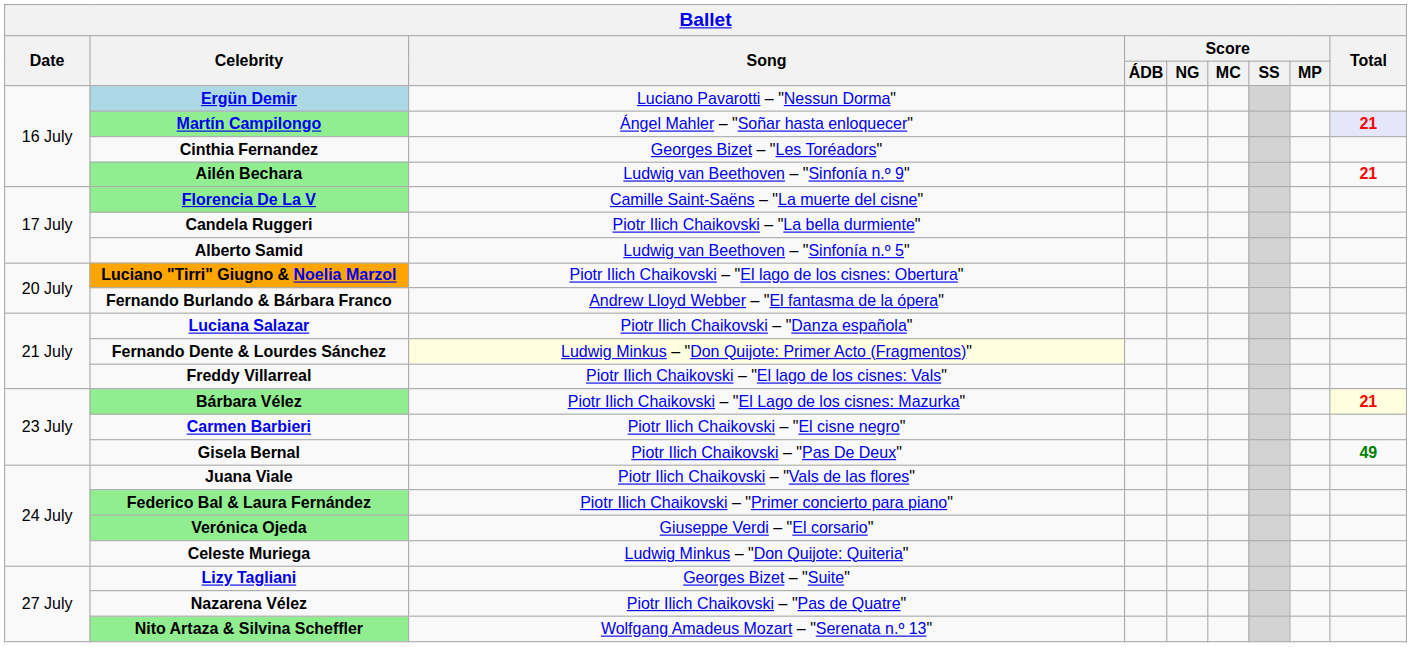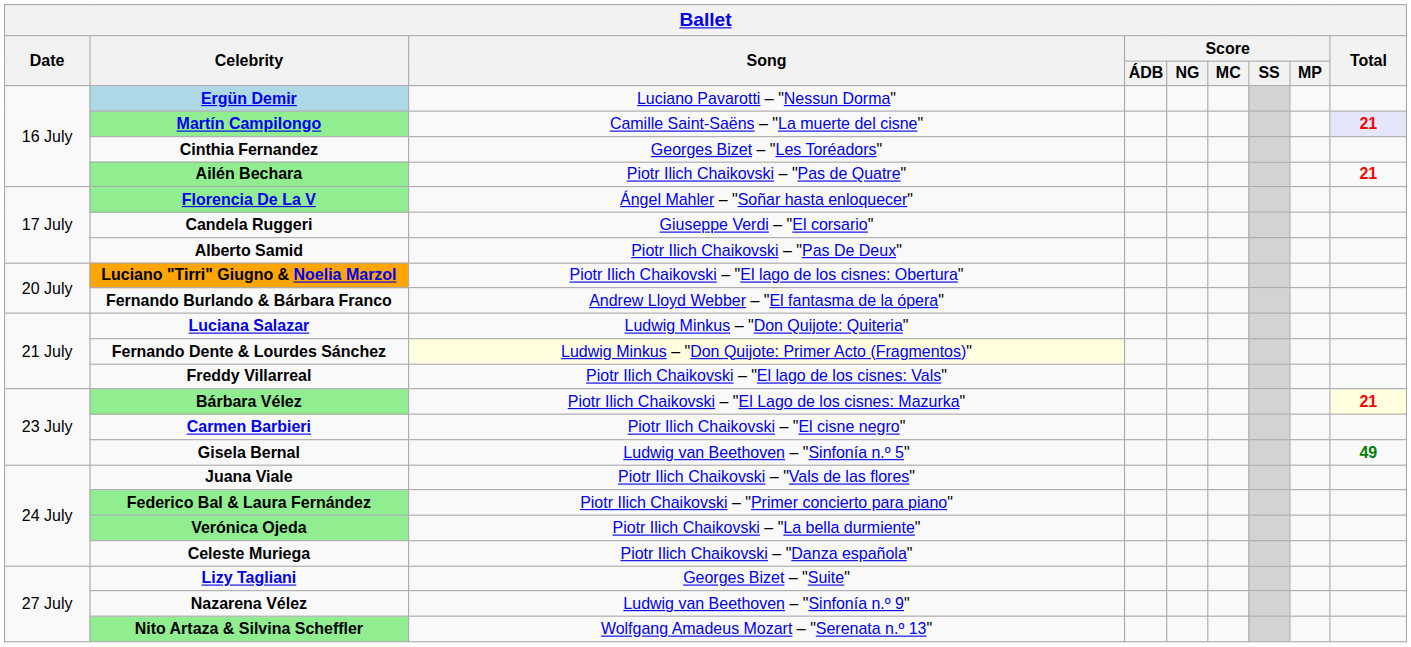 <table class="wikitable collapsible collapsed" style="font-size:90%; text-align: center; width: 100%;">
 <tr>
 <th colspan="11" style="with: 95%;" align=center><big><a href='#'>Ballet</a></big></th>
 </tr>
 <tr>
 <th width=70 rowspan="2">Date</th>
 <th width=280 rowspan="2">Celebrity</th>
 <th rowspan="2">Song</th>
 <th colspan="5">Score</th>
 <th rowspan="2">Total</th>
 </tr>
 <tr>
 <th width=30>ÁDB</th>
 <th width=30>NG</th>
 <th width=30>MC</th>
 <th width=30>SS</th>
 <th width=30>MP</th>
 </tr>
 <tr>
 <td rowspan=4>16 July</td>
 <td style="background:lightblue;"><strong><a href='#'>Ergün Demir</a></strong></td>
 <td><a href='#'>Luciano Pavarotti</a> – "<a href='#'>Nessun Dorma</a>"</td>
 <td></td>
 <td></td>
 <td></td>
 <td bgcolor="lightgray"></td>
 <td></td>
 <td></td>
 </tr>
 <tr>
 <td style="background:lightgreen;"><strong><a href='#'>Martín Campilongo</a></strong></td>
-<td><a href='#'>Ángel Mahler</a> – "<a href='#'>Soñar hasta enloquecer</a>"</td>
+<td><a href='#'>Camille Saint-Saëns</a> – "<a href='#'>La muerte del cisne</a>"</td>
 <td></td>
 <td></td>
 <td></td>
 <td bgcolor="lightgray"></td>
 <td></td>
 <td style="background: lavender; text-align:center; color:red;"><strong>21</strong></td>
 </tr>
 <tr>
 <td><strong>Cinthia Fernandez</strong></td>
 <td><a href='#'>Georges Bizet</a> – "<a href='#'>Les Toréadors</a>"</td>
 <td></td>
 <td></td>
 <td></td>
 <td bgcolor="lightgray"></td>
 <td></td>
 <td></td>
 </tr>
 <tr>
 <td style="background:lightgreen;"><strong>Ailén Bechara</strong></td>
-<td><a href='#'>Ludwig van Beethoven</a> – "<a href='#'>Sinfonía n.º 9</a>"</td>
+<td><a href='#'>Piotr Ilich Chaikovski</a> – "<a href='#'>Pas de Quatre</a>"</td>
 <td></td>
 <td></td>
 <td></td>
 <td bgcolor="lightgray"></td>
 <td></td>
 <td style="text-align:center; color:red;"><strong>21</strong></td>
 </tr>
 <tr>
 <td rowspan=3>17 July</td>
 <td style="background:lightgreen;"><strong><a href='#'>Florencia De La V</a></strong></td>
-<td><a href='#'>Camille Saint-Saëns</a> – "<a href='#'>La muerte del cisne</a>"</td>
+<td><a href='#'>Ángel Mahler</a> – "<a href='#'>Soñar hasta enloquecer</a>"</td>
 <td></td>
 <td></td>
 <td></td>
 <td bgcolor="lightgray"></td>
 <td></td>
 <td></td>
 </tr>
 <tr>
 <td><strong>Candela Ruggeri</strong></td>
-<td><a href='#'>Piotr Ilich Chaikovski</a> – "<a href='#'>La bella durmiente</a>"</td>
+<td><a href='#'>Giuseppe Verdi</a> – "<a href='#'>El corsario</a>"</td>
 <td></td>
 <td></td>
 <td></td>
 <td bgcolor="lightgray"></td>
 <td></td>
 <td></td>
 </tr>
 <tr>
 <td><strong>Alberto Samid</strong></td>
-<td><a href='#'>Ludwig van Beethoven</a> – "<a href='#'>Sinfonía n.º 5</a>"</td>
+<td><a href='#'>Piotr Ilich Chaikovski</a> – "<a href='#'>Pas De Deux</a>"</td>
 <td></td>
 <td></td>
 <td></td>
 <td bgcolor="lightgray"></td>
 <td></td>
 <td></td>
 </tr>
 <tr>
 <td rowspan=2>20 July</td>
 <td style="background:Orange;"><strong>Luciano "Tirri" Giugno & <a href='#'>Noelia Marzol</a></strong></td>
 <td><a href='#'>Piotr Ilich Chaikovski</a> – "<a href='#'>El lago de los cisnes: Obertura</a>"</td>
 <td></td>
 <td></td>
 <td></td>
 <td bgcolor="lightgray"></td>
 <td></td>
 <td></td>
 </tr>
 <tr>
 <td><strong>Fernando Burlando & Bárbara Franco</strong></td>
 <td><a href='#'>Andrew Lloyd Webber</a> – "<a href='#'>El fantasma de la ópera</a>"</td>
 <td></td>
 <td></td>
 <td></td>
 <td bgcolor="lightgray"></td>
 <td></td>
 <td></td>
 </tr>
 <tr>
 <td rowspan=3>21 July</td>
 <td><strong><a href='#'>Luciana Salazar</a></strong></td>
-<td><a href='#'>Piotr Ilich Chaikovski</a> – "<a href='#'>Danza española</a>"</td>
+<td><a href='#'>Ludwig Minkus</a> – "<a href='#'>Don Quijote: Quiteria</a>"</td>
 <td></td>
 <td></td>
 <td></td>
 <td bgcolor="lightgray"></td>
 <td></td>
 <td></td>
 </tr>
 <tr>
 <td><strong>Fernando Dente & Lourdes Sánchez</strong></td>
 <td style="background: lightyellow;"><a href='#'>Ludwig Minkus</a> – "<a href='#'>Don Quijote: Primer Acto (Fragmentos)</a>"</td>
 <td></td>
 <td></td>
 <td></td>
 <td bgcolor="lightgray"></td>
 <td></td>
 <td></td>
 </tr>
 <tr>
 <td><strong>Freddy Villarreal</strong></td>
 <td><a href='#'>Piotr Ilich Chaikovski</a> – "<a href='#'>El lago de los cisnes: Vals</a>"</td>
 <td></td>
 <td></td>
 <td></td>
 <td bgcolor="lightgray"></td>
 <td></td>
 <td></td>
 </tr>
 <tr>
 <td rowspan=3>23 July</td>
 <td style="background:lightgreen;"><strong>Bárbara Vélez</strong></td>
 <td><a href='#'>Piotr Ilich Chaikovski</a> – "<a href='#'>El Lago de los cisnes: Mazurka</a>"</td>
 <td></td>
 <td></td>
 <td></td>
 <td bgcolor="lightgray"></td>
 <td></td>
 <td style="background: lightyellow; text-align:center; color:red;"><strong>21</strong></td>
 </tr>
 <tr>
 <td><strong><a href='#'>Carmen Barbieri</a></strong></td>
 <td><a href='#'>Piotr Ilich Chaikovski</a> – "<a href='#'>El cisne negro</a>"</td>
 <td></td>
 <td></td>
 <td></td>
 <td bgcolor="lightgray"></td>
 <td></td>
 <td></td>
 </tr>
 <tr>
 <td><strong>Gisela Bernal</strong></td>
-<td><a href='#'>Piotr Ilich Chaikovski</a> – "<a href='#'>Pas De Deux</a>"</td>
+<td><a href='#'>Ludwig van Beethoven</a> – "<a href='#'>Sinfonía n.º 5</a>"</td>
 <td></td>
 <td></td>
 <td></td>
 <td bgcolor="lightgray"></td>
 <td></td>
 <td style="text-align:center; color:green;"><strong>49</strong></td>
 </tr>
 <tr>
 <td rowspan=4>24 July</td>
 <td><strong>Juana Viale</strong></td>
 <td><a href='#'>Piotr Ilich Chaikovski</a> – "<a href='#'>Vals de las flores</a>"</td>
 <td></td>
 <td></td>
 <td></td>
 <td bgcolor="lightgray"></td>
 <td></td>
 <td></td>
 </tr>
 <tr>
 <td style="background:lightgreen;"><strong>Federico Bal & Laura Fernández</strong></td>
 <td><a href='#'>Piotr Ilich Chaikovski</a> – "<a href='#'>Primer concierto para piano</a>"</td>
 <td></td>
 <td></td>
 <td></td>
 <td bgcolor="lightgray"></td>
 <td></td>
 <td></td>
 </tr>
 <tr>
 <td style="background:lightgreen;"><strong>Verónica Ojeda</strong></td>
-<td><a href='#'>Giuseppe Verdi</a> – "<a href='#'>El corsario</a>"</td>
+<td><a href='#'>Piotr Ilich Chaikovski</a> – "<a href='#'>La bella durmiente</a>"</td>
 <td></td>
 <td></td>
 <td></td>
 <td bgcolor="lightgray"></td>
 <td></td>
 <td></td>
 </tr>
 <tr>
 <td><strong>Celeste Muriega</strong></td>
-<td><a href='#'>Ludwig Minkus</a> – "<a href='#'>Don Quijote: Quiteria</a>"</td>
+<td><a href='#'>Piotr Ilich Chaikovski</a> – "<a href='#'>Danza española</a>"</td>
 <td></td>
 <td></td>
 <td></td>
 <td bgcolor="lightgray"></td>
 <td></td>
 <td></td>
 </tr>
 <tr>
 <td rowspan=3>27 July</td>
 <td><strong><a href='#'>Lizy Tagliani</a></strong></td>
 <td><a href='#'>Georges Bizet</a> – "<a href='#'>Suite</a>"</td>
 <td></td>
 <td></td>
 <td></td>
 <td bgcolor="lightgray"></td>
 <td></td>
 <td></td>
 </tr>
 <tr>
 <td><strong>Nazarena Vélez</strong></td>
-<td><a href='#'>Piotr Ilich Chaikovski</a> – "<a href='#'>Pas de Quatre</a>"</td>
+<td><a href='#'>Ludwig van Beethoven</a> – "<a href='#'>Sinfonía n.º 9</a>"</td>
 <td></td>
 <td></td>
 <td></td>
 <td bgcolor="lightgray"></td>
 <td></td>
 <td></td>
 </tr>
 <tr>
 <td style="background:lightgreen;"><strong>Nito Artaza & Silvina Scheffler</strong></td>
 <td><a href='#'>Wolfgang Amadeus Mozart</a> – "<a href='#'>Serenata n.º 13</a>"</td>
 <td></td>
 <td></td>
 <td></td>
 <td bgcolor="lightgray"></td>
 <td></td>
 <td></td>
 </tr>
 </table>
